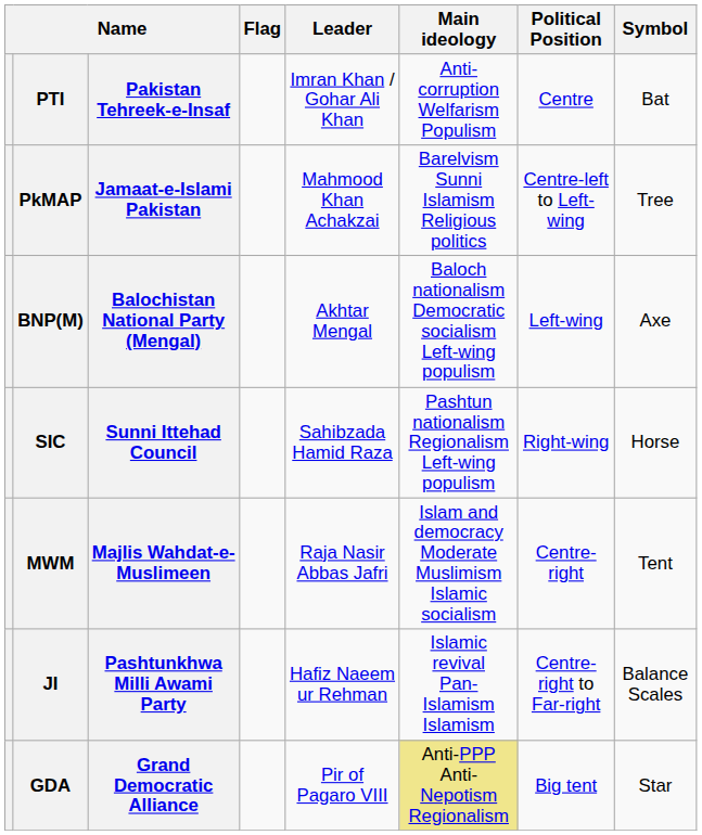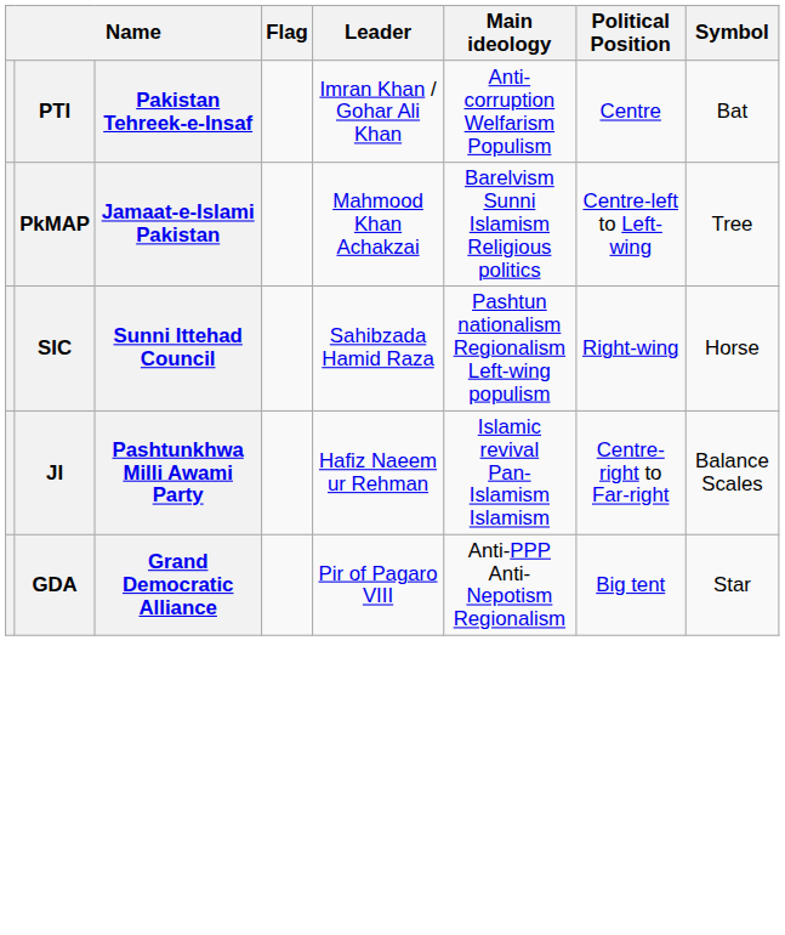 <table class="wikitable sortable">
 <tr>
 <th colspan="3">Name</th>
 <th>Flag</th>
 <th>Leader</th>
 <th>Main ideology</th>
 <th>Political Position</th>
 <th>Symbol</th>
 </tr>
 <tr>
 <th style="background:"></th>
 <th style="text-align:center;"><strong>PTI</strong></th>
 <th style="text-align:center;"><a href='#'>Pakistan Tehreek-e-Insaf</a></th>
 <td></td>
 <td style="text-align:center;"><a href='#'>Imran Khan</a> / <a href='#'>Gohar Ali Khan</a></td>
 <td style="text-align:center;"><a href='#'>Anti-corruption</a><br><a href='#'>Welfarism</a><br><a href='#'>Populism</a></td>
 <td style="text-align:center;"><a href='#'>Centre</a></td>
 <td style="text-align:center;">Bat</td>
 </tr>
 <tr>
 <th style="background:  "></th>
 <th style="text-align:center;"><strong>PkMAP</strong></th>
 <th style="text-align:center;"><a href='#'>Jamaat-e-Islami Pakistan</a></th>
 <td></td>
 <td style="text-align:center;"><a href='#'>Mahmood Khan Achakzai</a></td>
 <td style="text-align:center;"><a href='#'>Barelvism</a><br><a href='#'>Sunni</a> <a href='#'>Islamism</a><br> <a href='#'>Religious politics</a></td>
 <td style="text-align:center;"><a href='#'>Centre-left</a> to <a href='#'>Left-wing</a></td>
 <td style="text-align:center;">Tree</td>
 </tr>
 <tr>
 <th style="background: "></th>
-<th style="text-align:center;">BNP(M)</th>
-<th style="text-align:center;"><a href='#'>Balochistan National Party (Mengal)</a></th>
-<td></td>
-<td style="text-align:center;"><a href='#'>Akhtar Mengal</a></td>
-<td style="text-align:center;"><a href='#'>Baloch nationalism</a><br><a href='#'>Democratic socialism</a><br><a href='#'>Left-wing populism</a></td>
-<td style="text-align:center;"><a href='#'>Left-wing</a></td>
-<td style="text-align:center;">Axe</td>
-</tr>
-<tr>
-<th style="background: "></th>
 <th style="text-align:center;"><strong>SIC</strong></th>
 <th style="text-align:center;"><a href='#'>Sunni Ittehad Council</a></th>
 <td></td>
 <td style="text-align:center;"><a href='#'>Sahibzada Hamid Raza</a></td>
 <td style="text-align:center;"><a href='#'>Pashtun nationalism</a><br><a href='#'>Regionalism</a><br><a href='#'>Left-wing populism</a></td>
 <td style="text-align:center;"><a href='#'>Right-wing</a></td>
 <td style="text-align:center;">Horse</td>
-</tr>
-<tr>
-<th style="background: "></th>
-<th style="text-align:center;"><strong>MWM</strong></th>
-<th style="text-align:center;"><a href='#'>Majlis Wahdat-e-Muslimeen</a></th>
-<td></td>
-<td style="text-align:center;"><a href='#'>Raja Nasir Abbas Jafri</a></td>
-<td style="text-align:center;"><a href='#'>Islam and democracy</a><br><a href='#'>Moderate Muslimism</a><br><a href='#'>Islamic socialism</a></td>
-<td style="text-align:center;"><a href='#'>Centre-right</a></td>
-<td style="text-align:center;">Tent</td>
 </tr>
 <tr>
 <th style="background: "></th>
 <th style="text-align:center;"><strong>JI</strong></th>
 <th style="text-align:center;"><a href='#'>Pashtunkhwa Milli Awami Party</a></th>
 <td></td>
 <td style="text-align:center;"><a href='#'>Hafiz Naeem ur Rehman</a></td>
 <td style="text-align:center;"><a href='#'>Islamic revival</a><br><a href='#'>Pan-Islamism</a><br><a href='#'>Islamism</a></td>
 <td style="text-align:center;"><a href='#'>Centre-right</a> to <a href='#'>Far-right</a></td>
 <td style="text-align:center;">Balance Scales</td>
 </tr>
 <tr>
 <th style="background:"></th>
 <th style="text-align:center;"><strong>GDA</strong></th>
 <th style="text-align:center;"><a href='#'>Grand Democratic Alliance</a></th>
 <td></td>
 <td style="text-align:center;"><a href='#'>Pir of Pagaro VIII</a></td>
-<td style="background: khaki; text-align:center;">Anti-<a href='#'>PPP</a><br>Anti-<a href='#'>Nepotism</a><br><a href='#'>Regionalism</a></td>
+<td style="text-align:center;">Anti-<a href='#'>PPP</a><br>Anti-<a href='#'>Nepotism</a><br><a href='#'>Regionalism</a></td>
 <td style="text-align:center;"><a href='#'>Big tent</a></td>
 <td style="text-align:center;">Star</td>
 </tr>
 </table>
